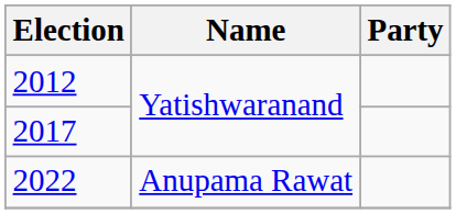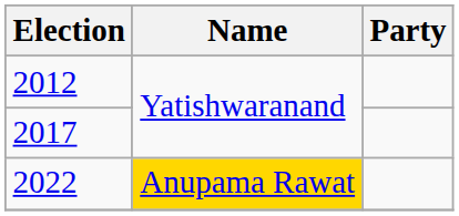 <table class="wikitable sortable">
 <tr>
 <th>Election</th>
 <th>Name</th>
 <th colspan=2>Party</th>
 </tr>
 <tr>
 <td><a href='#'>2012</a></td>
 <td rowspan=2><a href='#'>Yatishwaranand</a></td>
 <td></td>
 </tr>
 <tr>
 <td><a href='#'>2017</a></td>
 </tr>
 <tr>
 <td><a href='#'>2022</a></td>
-<td><a href='#'>Anupama Rawat</a></td>
+<td style="background: gold;"><a href='#'>Anupama Rawat</a></td>
 <td></td>
 </tr>
 <tr>
 </tr>
 </table>
